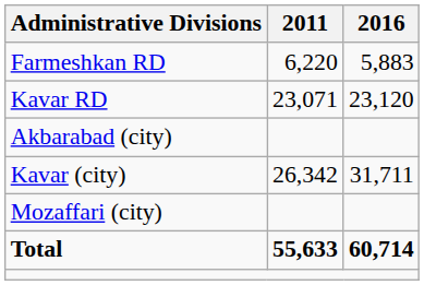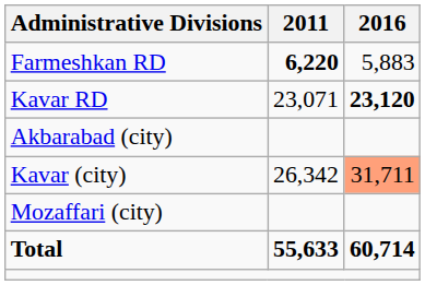 <table class="wikitable">
 <tr>
 <th>Administrative Divisions</th>
 <th>2011</th>
 <th>2016</th>
 </tr>
 <tr>
 <td><a href='#'>Farmeshkan RD</a></td>
-<td style="text-align: right;">6,220</td>
+<td style="text-align: right;"><strong>6,220</strong></td>
 <td style="text-align: right;">5,883</td>
 </tr>
 <tr>
 <td><a href='#'>Kavar RD</a></td>
 <td style="text-align: right;">23,071</td>
-<td style="text-align: right;">23,120</td>
+<td style="text-align: right;"><strong>23,120</strong></td>
 </tr>
 <tr>
 <td><a href='#'>Akbarabad</a> (city)</td>
 <td style="text-align: right;"></td>
 <td style="text-align: right;"></td>
 </tr>
 <tr>
 <td><a href='#'>Kavar</a> (city)</td>
 <td style="text-align: right;">26,342</td>
-<td style="text-align: right;">31,711</td>
+<td style="background: lightsalmon; text-align: right;">31,711</td>
 </tr>
 <tr>
 <td><a href='#'>Mozaffari</a> (city)</td>
 <td style="text-align: right;"></td>
 <td style="text-align: right;"></td>
 </tr>
 <tr>
 <td><strong>Total</strong></td>
 <td style="text-align: right;"><strong>55,633</strong></td>
 <td style="text-align: right;"><strong>60,714</strong></td>
 </tr>
 <tr>
 <td colspan=3></td>
 </tr>
 </table>
